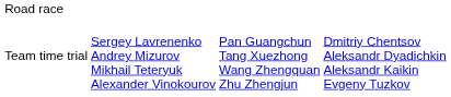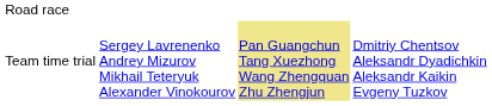 <table>
 <tr>
 <td>Road race</td>
 <td></td>
 <td></td>
 <td></td>
 </tr>
 <tr>
 <td>Team time trial</td>
 <td><br><a href='#'>Sergey Lavrenenko</a><br><a href='#'>Andrey Mizurov</a><br><a href='#'>Mikhail Teteryuk</a><br><a href='#'>Alexander Vinokourov</a></td>
-<td><br><a href='#'>Pan Guangchun</a><br><a href='#'>Tang Xuezhong</a><br><a href='#'>Wang Zhengquan</a><br><a href='#'>Zhu Zhengjun</a></td>
+<td style="background: khaki;"><br><a href='#'>Pan Guangchun</a><br><a href='#'>Tang Xuezhong</a><br><a href='#'>Wang Zhengquan</a><br><a href='#'>Zhu Zhengjun</a></td>
 <td><br><a href='#'>Dmitriy Chentsov</a><br><a href='#'>Aleksandr Dyadichkin</a><br><a href='#'>Aleksandr Kaikin</a><br><a href='#'>Evgeny Tuzkov</a></td>
 </tr>
 </table>
